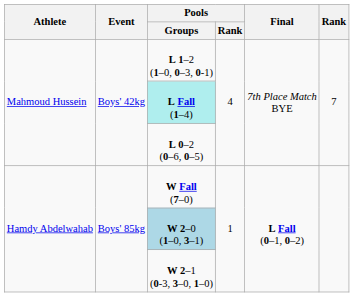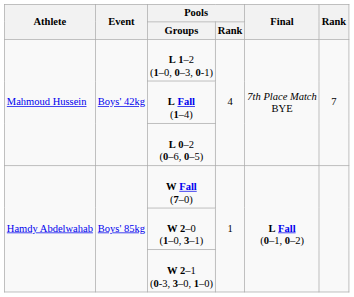 <table class="wikitable" style="text-align:left; font-size:90%">
 <tr>
 <th rowspan="2">Athlete</th>
 <th rowspan="2">Event</th>
 <th colspan="2">Pools</th>
 <th rowspan="2">Final</th>
 <th rowspan="2">Rank</th>
 </tr>
 <tr>
 <th>Groups</th>
 <th>Rank</th>
 </tr>
 <tr>
 <td rowspan="3"><a href='#'>Mahmoud Hussein</a></td>
 <td rowspan="3"><a href='#'>Boys' 42kg</a></td>
 <td align=center><br><strong>L</strong> <strong>1</strong>–2<br>(<strong>1</strong>–0, <strong>0</strong>–3, <strong>0</strong>-1)</td>
 <td rowspan="3" align=center>4</td>
 <td align=center rowspan=3><em>7th Place Match</em><br>BYE</td>
 <td rowspan="3" align="center">7</td>
 </tr>
 <tr>
-<td align=center style="background: paleturquoise;"><br><strong>L</strong> <strong><a href='#'>Fall</a></strong><br>(<strong>1</strong>–4)</td>
+<td align=center><br><strong>L</strong> <strong><a href='#'>Fall</a></strong><br>(<strong>1</strong>–4)</td>
 </tr>
 <tr>
 <td align=center><br><strong>L</strong> <strong>0</strong>–2<br>(<strong>0</strong>–6, <strong>0</strong>–5)</td>
 </tr>
 <tr>
 <td rowspan="3"><a href='#'>Hamdy Abdelwahab</a></td>
 <td rowspan="3"><a href='#'>Boys' 85kg</a></td>
 <td align=center><br><strong>W</strong> <strong><a href='#'>Fall</a></strong><br>(<strong>7</strong>–0)</td>
 <td rowspan="3" align=center>1</td>
 <td align=center rowspan=3><br><strong>L</strong> <strong><a href='#'>Fall</a></strong><br>(<strong>0</strong>–1, <strong>0</strong>–2)</td>
 <td rowspan="3" align="center"></td>
 </tr>
 <tr>
-<td align=center style="background: lightblue;"><br><strong>W</strong> <strong>2</strong>–0<br>(<strong>1</strong>–0, <strong>3</strong>–1)</td>
+<td align=center><br><strong>W</strong> <strong>2</strong>–0<br>(<strong>1</strong>–0, <strong>3</strong>–1)</td>
 </tr>
 <tr>
 <td align=center><br><strong>W</strong> <strong>2</strong>–1<br>(<strong>0</strong>-3, <strong>3</strong>–0, <strong>1</strong>–0)</td>
 </tr>
 </table>
